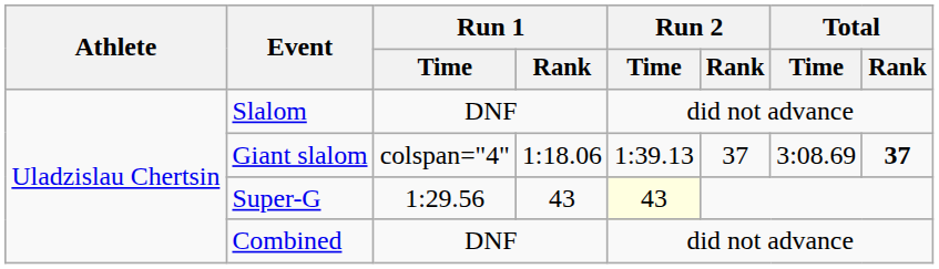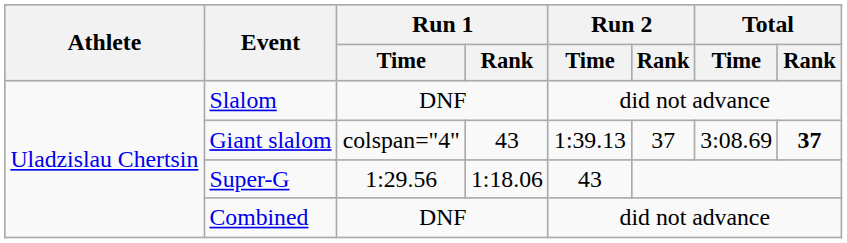 <table class="wikitable" style="font-size:90%">
 <tr>
 <th rowspan=2>Athlete</th>
 <th rowspan=2>Event</th>
 <th colspan=2>Run 1</th>
 <th colspan=2>Run 2</th>
 <th colspan=2>Total</th>
 </tr>
 <tr style="font-size:95%">
 <th>Time</th>
 <th>Rank</th>
 <th>Time</th>
 <th>Rank</th>
 <th>Time</th>
 <th>Rank</th>
 </tr>
 <tr align=center>
 <td align="left" rowspan="4"><a href='#'>Uladzislau Chertsin</a></td>
 <td align="left"><a href='#'>Slalom</a></td>
 <td colspan=2>DNF</td>
 <td colspan=4>did not advance</td>
 </tr>
 <tr align=center>
 <td align="left"><a href='#'>Giant slalom</a></td>
 <td>colspan="4" </td>
-<td>1:18.06</td>
+<td>43</td>
 <td>1:39.13</td>
 <td>37</td>
 <td>3:08.69</td>
 <td><strong>37</strong></td>
 </tr>
 <tr align=center>
 <td align="left"><a href='#'>Super-G</a></td>
 <td>1:29.56</td>
+<td>1:18.06</td>
 <td>43</td>
-<td style="background: lightyellow;">43</td>
 </tr>
 <tr align=center>
 <td align="left"><a href='#'>Combined</a></td>
 <td colspan=2>DNF</td>
 <td colspan=4>did not advance</td>
 </tr>
 </table>
